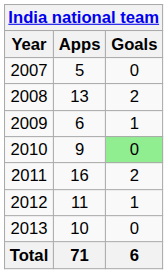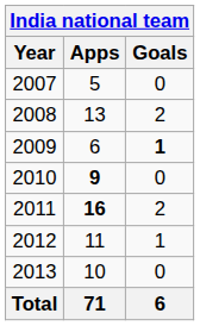 <table class="wikitable" style="text-align:center">
 <tr>
 <th colspan=3><a href='#'>India national team</a></th>
 </tr>
 <tr>
 <th>Year</th>
 <th>Apps</th>
 <th>Goals</th>
 </tr>
 <tr>
 <td>2007</td>
 <td>5</td>
 <td>0</td>
 </tr>
 <tr>
 <td>2008</td>
 <td>13</td>
 <td>2</td>
 </tr>
 <tr>
 <td>2009</td>
 <td>6</td>
-<td>1</td>
+<td><strong>1</strong></td>
 </tr>
 <tr>
 <td>2010</td>
-<td>9</td>
-<td style="background: lightgreen;">0</td>
+<td><strong>9</strong></td>
+<td>0</td>
 </tr>
 <tr>
 <td>2011</td>
-<td>16</td>
+<td><strong>16</strong></td>
 <td>2</td>
 </tr>
 <tr>
 <td>2012</td>
 <td>11</td>
 <td>1</td>
 </tr>
 <tr>
 <td>2013</td>
 <td>10</td>
 <td>0</td>
 </tr>
 <tr>
 <th>Total</th>
 <th>71</th>
 <th>6</th>
 </tr>
 </table>
